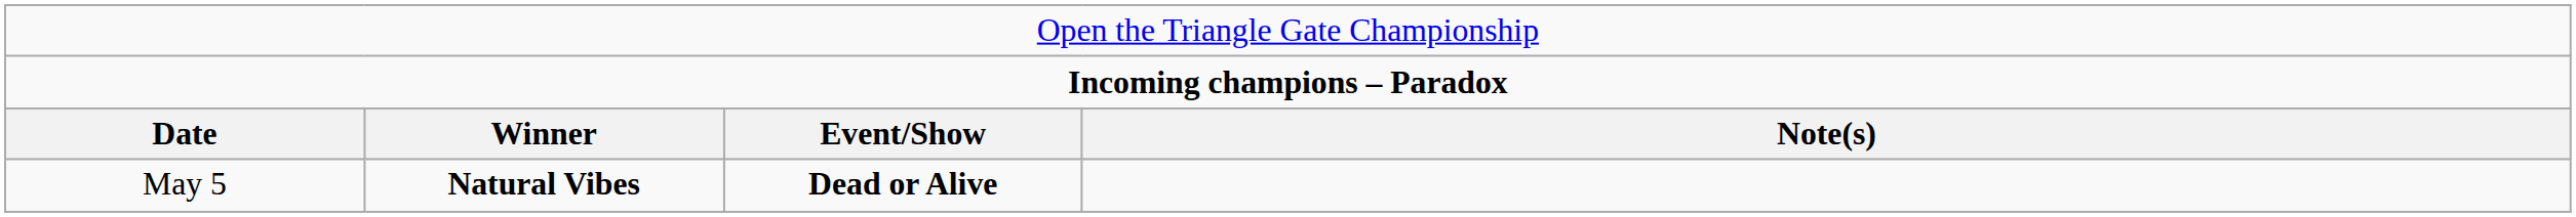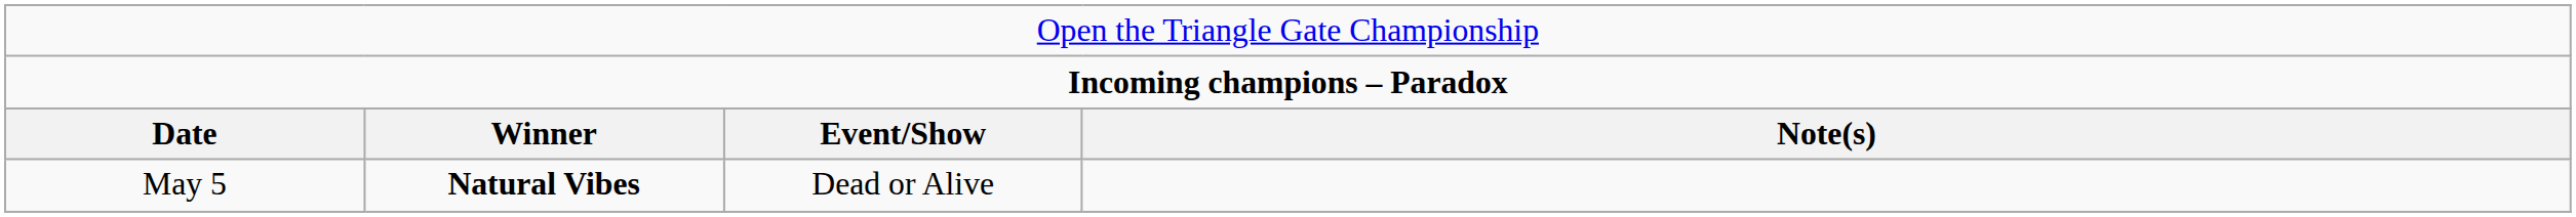 <table class="wikitable" style="text-align:center; width:100%;">
 <tr>
 <td colspan="4" style="text-align: center;"><a href='#'>Open the Triangle Gate Championship</a></td>
 </tr>
 <tr>
 <td colspan="4" style="text-align: center;"><strong>Incoming champions – Paradox </strong></td>
 </tr>
 <tr>
 <th width=14%>Date</th>
 <th width=14%>Winner</th>
 <th width=14%>Event/Show</th>
 <th width=58%>Note(s)</th>
 </tr>
 <tr>
 <td>May 5</td>
 <td><strong>Natural Vibes<br></strong></td>
-<td><strong>Dead or Alive</strong></td>
+<td>Dead or Alive</td>
 <td></td>
 </tr>
 </table>
